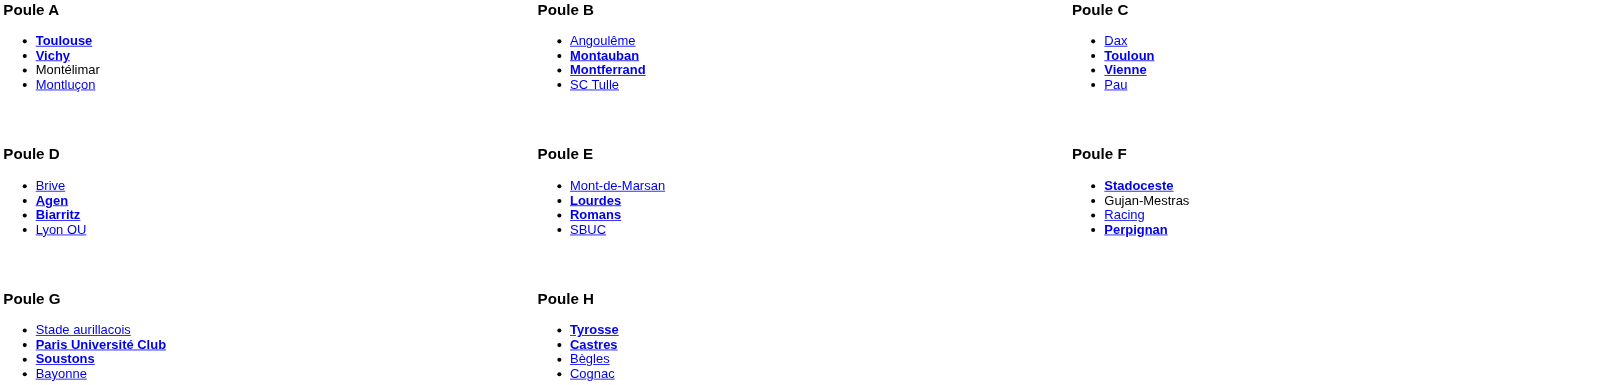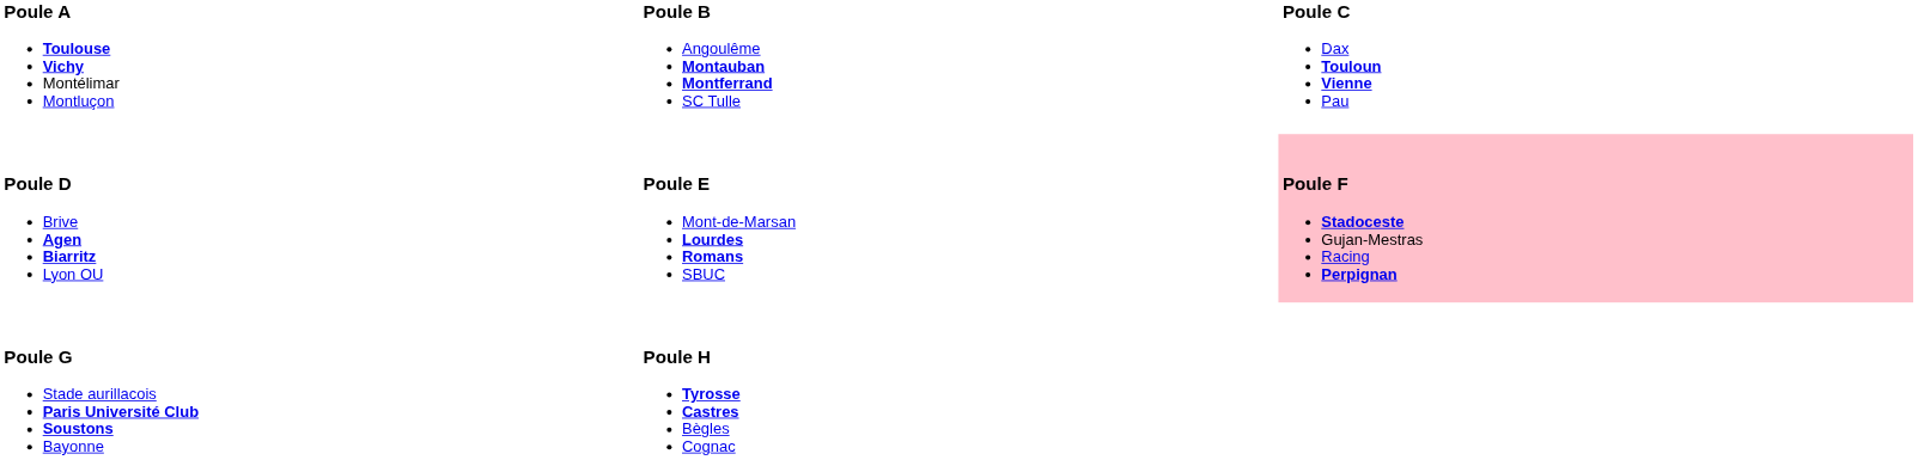 <table width="100%" align="center" border="0" cellpadding="4" cellspacing="5">
 <tr valign="top" align="left">
 <td width="33%"><br><h3>Poule A</h3><ul><li><strong><a href='#'>Toulouse</a></strong></li><li><strong><a href='#'>Vichy</a></strong></li><li>Montélimar</li><li><a href='#'>Montluçon</a></li></ul></td>
 <td width="33%"><br><h3>Poule B</h3><ul><li><a href='#'>Angoulême</a></li><li><strong><a href='#'>Montauban</a></strong></li><li><strong><a href='#'>Montferrand</a></strong></li><li><a href='#'>SC Tulle</a></li></ul></td>
 <td width="33%"><br><h3>Poule C</h3><ul><li><a href='#'>Dax</a></li><li><strong><a href='#'>Touloun</a></strong></li><li><strong><a href='#'>Vienne</a></strong></li><li><a href='#'>Pau</a></li></ul></td>
 </tr>
 <tr valign="top" align="left">
 <td width="33%"><br><h3>Poule D</h3><ul><li><a href='#'>Brive</a></li><li><strong><a href='#'>Agen</a></strong></li><li><strong><a href='#'>Biarritz</a> </strong></li><li><a href='#'>Lyon OU</a></li></ul></td>
 <td width="33%"><br><h3>Poule E</h3><ul><li><a href='#'>Mont-de-Marsan</a></li><li><strong><a href='#'>Lourdes</a></strong></li><li><strong><a href='#'>Romans</a></strong></li><li><a href='#'>SBUC</a></li></ul></td>
-<td width="33%"><br><h3>Poule F</h3><ul><li><strong><a href='#'>Stadoceste</a></strong></li><li>Gujan-Mestras</li><li><a href='#'>Racing</a></li><li><strong><a href='#'>Perpignan</a></strong></li></ul></td>
+<td width="33%" style="background: pink;"><br><h3>Poule F</h3><ul><li><strong><a href='#'>Stadoceste</a></strong></li><li>Gujan-Mestras</li><li><a href='#'>Racing</a></li><li><strong><a href='#'>Perpignan</a></strong></li></ul></td>
 </tr>
 <tr valign="top" align="left">
 <td width="33%"><br><h3>Poule G</h3><ul><li><a href='#'>Stade aurillacois</a></li><li><strong><a href='#'>Paris Université Club</a></strong></li><li><strong><a href='#'>Soustons</a></strong></li><li><a href='#'>Bayonne</a></li></ul></td>
 <td width="33%"><br><h3>Poule H</h3><ul><li><strong><a href='#'>Tyrosse</a></strong></li><li><strong><a href='#'>Castres</a></strong></li><li><a href='#'>Bègles</a></li><li><a href='#'>Cognac</a></li></ul></td>
 <td width="33%"></td>
 </tr>
 </table>
